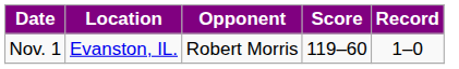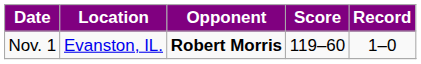 <table class="wikitable" style="text-align:center">
 <tr>
 <th style=" background:purple;color:#FFFFFF;">Date</th>
 <th style=" background:purple;color:#FFFFFF;">Location</th>
 <th style=" background:purple;color:#FFFFFF;">Opponent</th>
 <th style=" background:purple;color:#FFFFFF;">Score</th>
 <th style=" background:purple;color:#FFFFFF;">Record</th>
 </tr>
 <tr>
 <td>Nov. 1</td>
 <td><a href='#'>Evanston, IL.</a></td>
-<td>Robert Morris</td>
+<td><strong>Robert Morris</strong></td>
 <td>119–60</td>
 <td>1–0</td>
 </tr>
 <tr>
 </tr>
 </table>
